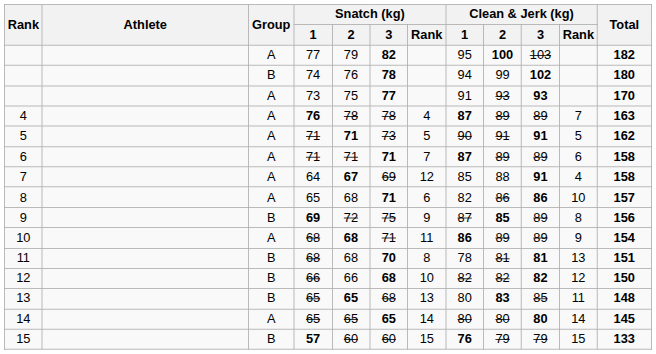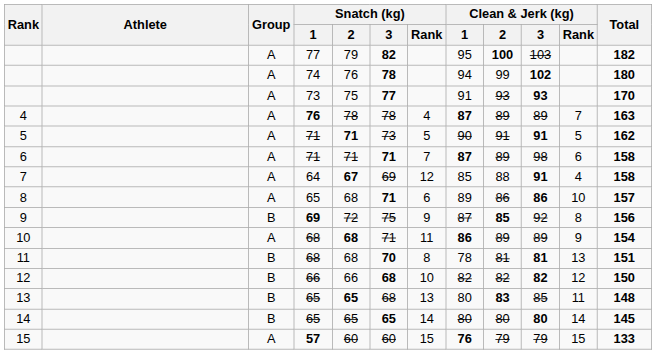 <table class = "wikitable" style="text-align:center;">
 <tr>
 <th rowspan=2 width=40>Rank</th>
 <th rowspan=2 width=250>Athlete</th>
 <th rowspan=2 width=50>Group</th>
 <th colspan=4>Snatch (kg)</th>
 <th colspan=4>Clean & Jerk (kg)</th>
 <th rowspan=2 width=60>Total</th>
 </tr>
 <tr>
 <th width=40>1</th>
 <th width=40>2</th>
 <th width=40>3</th>
 <th width=40>Rank</th>
 <th width=40>1</th>
 <th width=40>2</th>
 <th width=40>3</th>
 <th width=40>Rank</th>
 </tr>
 <tr>
 <td></td>
 <td align=left></td>
 <td>A</td>
 <td>77</td>
 <td>79</td>
 <td><strong>82</strong></td>
 <td></td>
 <td>95</td>
 <td><strong>100</strong></td>
 <td><s>103</s></td>
 <td></td>
 <td><strong>182</strong></td>
 </tr>
 <tr>
 <td></td>
 <td align=left></td>
-<td>B</td>
+<td>A</td>
 <td>74</td>
 <td>76</td>
 <td><strong>78</strong></td>
 <td></td>
 <td>94</td>
 <td>99</td>
 <td><strong>102</strong></td>
 <td></td>
 <td><strong>180</strong></td>
 </tr>
 <tr>
 <td></td>
 <td align=left></td>
 <td>A</td>
 <td>73</td>
 <td>75</td>
 <td><strong>77</strong></td>
 <td></td>
 <td>91</td>
 <td><s>93</s></td>
 <td><strong>93</strong></td>
 <td></td>
 <td><strong>170</strong></td>
 </tr>
 <tr>
 <td>4</td>
 <td align=left></td>
 <td>A</td>
 <td><strong>76</strong></td>
 <td><s>78</s></td>
 <td><s>78</s></td>
 <td>4</td>
 <td><strong>87</strong></td>
 <td><s>89</s></td>
 <td><s>89</s></td>
 <td>7</td>
 <td><strong>163</strong></td>
 </tr>
 <tr>
 <td>5</td>
 <td align=left></td>
 <td>A</td>
 <td><s>71</s></td>
 <td><strong>71</strong></td>
 <td><s>73</s></td>
 <td>5</td>
 <td><s>90</s></td>
 <td><s>91</s></td>
 <td><strong>91</strong></td>
 <td>5</td>
 <td><strong>162</strong></td>
 </tr>
 <tr>
 <td>6</td>
 <td align=left></td>
 <td>A</td>
 <td><s>71</s></td>
 <td><s>71</s></td>
 <td><strong>71</strong></td>
 <td>7</td>
 <td><strong>87</strong></td>
 <td><s>89</s></td>
-<td><s>89</s></td>
+<td><s>98</s></td>
 <td>6</td>
 <td><strong>158</strong></td>
 </tr>
 <tr>
 <td>7</td>
 <td align=left></td>
 <td>A</td>
 <td>64</td>
 <td><strong>67</strong></td>
 <td><s>69</s></td>
 <td>12</td>
 <td>85</td>
 <td>88</td>
 <td><strong>91</strong></td>
 <td>4</td>
 <td><strong>158</strong></td>
 </tr>
 <tr>
 <td>8</td>
 <td align=left></td>
 <td>A</td>
 <td>65</td>
 <td>68</td>
 <td><strong>71</strong></td>
 <td>6</td>
-<td>82</td>
+<td>89</td>
 <td><s>86</s></td>
 <td><strong>86</strong></td>
 <td>10</td>
 <td><strong>157</strong></td>
 </tr>
 <tr>
 <td>9</td>
 <td align=left></td>
 <td>B</td>
 <td><strong>69</strong></td>
 <td><s>72</s></td>
 <td><s>75</s></td>
 <td>9</td>
 <td><s>87</s></td>
 <td><strong>85</strong></td>
-<td><s>89</s></td>
+<td><s>92</s></td>
 <td>8</td>
 <td><strong>156</strong></td>
 </tr>
 <tr>
 <td>10</td>
 <td align=left></td>
 <td>A</td>
 <td><s>68</s></td>
 <td><strong>68</strong></td>
 <td><s>71</s></td>
 <td>11</td>
 <td><strong>86</strong></td>
 <td><s>89</s></td>
 <td><s>89</s></td>
 <td>9</td>
 <td><strong>154</strong></td>
 </tr>
 <tr>
 <td>11</td>
 <td align=left></td>
 <td>B</td>
 <td><s>68</s></td>
 <td>68</td>
 <td><strong>70</strong></td>
 <td>8</td>
 <td>78</td>
 <td><s>81</s></td>
 <td><strong>81</strong></td>
 <td>13</td>
 <td><strong>151</strong></td>
 </tr>
 <tr>
 <td>12</td>
 <td align=left></td>
 <td>B</td>
 <td><s>66</s></td>
 <td>66</td>
 <td><strong>68</strong></td>
 <td>10</td>
 <td><s>82</s></td>
 <td><s>82</s></td>
 <td><strong>82</strong></td>
 <td>12</td>
 <td><strong>150</strong></td>
 </tr>
 <tr>
 <td>13</td>
 <td align=left></td>
 <td>B</td>
 <td><s>65</s></td>
 <td><strong>65</strong></td>
 <td><s>68</s></td>
 <td>13</td>
 <td>80</td>
 <td><strong>83</strong></td>
 <td><s>85</s></td>
 <td>11</td>
 <td><strong>148</strong></td>
 </tr>
 <tr>
 <td>14</td>
 <td align=left></td>
-<td>A</td>
+<td>B</td>
 <td><s>65</s></td>
 <td><s>65</s></td>
 <td><strong>65</strong></td>
 <td>14</td>
 <td><s>80</s></td>
 <td><s>80</s></td>
 <td><strong>80</strong></td>
 <td>14</td>
 <td><strong>145</strong></td>
 </tr>
 <tr>
 <td>15</td>
 <td align=left></td>
-<td>B</td>
+<td>A</td>
 <td><strong>57</strong></td>
 <td><s>60</s></td>
 <td><s>60</s></td>
 <td>15</td>
 <td><strong>76</strong></td>
 <td><s>79</s></td>
 <td><s>79</s></td>
 <td>15</td>
 <td><strong>133</strong></td>
 </tr>
 </table>
